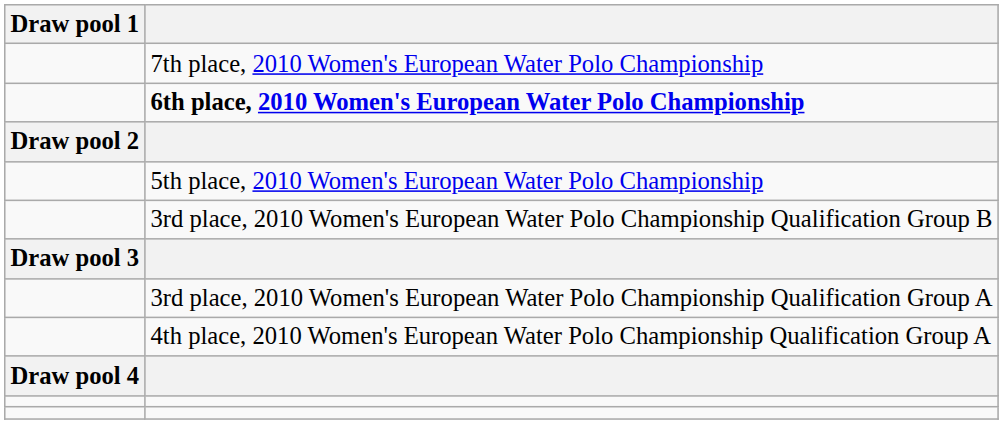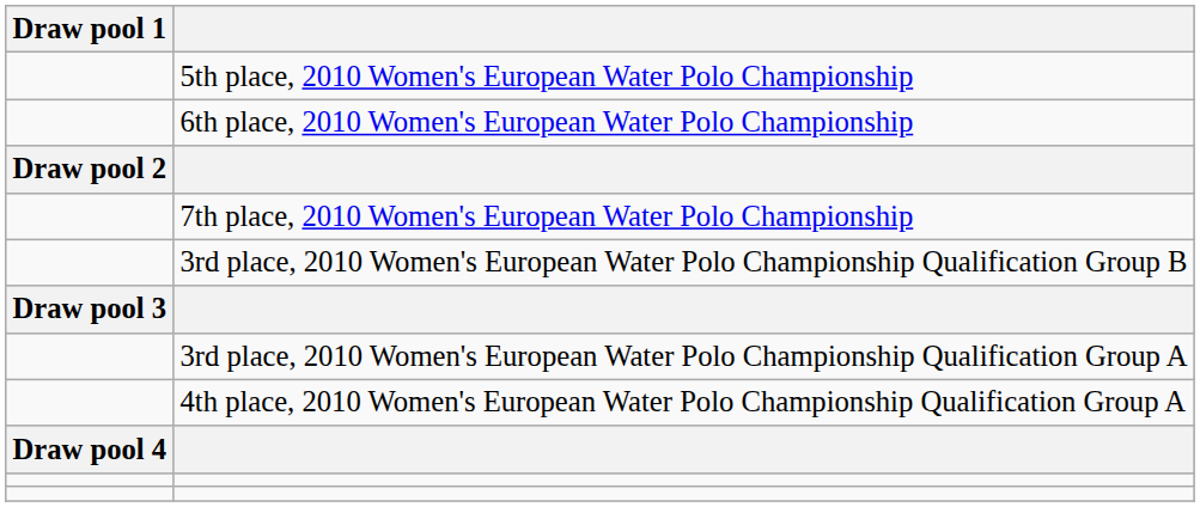 <table class="wikitable">
 <tr>
 <th>Draw pool 1</th>
 <th></th>
 </tr>
 <tr>
 <td></td>
-<td>7th place, <a href='#'>2010 Women's European Water Polo Championship</a></td>
+<td>5th place, <a href='#'>2010 Women's European Water Polo Championship</a></td>
 </tr>
 <tr>
 <td></td>
-<td><strong>6th place, <a href='#'>2010 Women's European Water Polo Championship</a></strong></td>
+<td>6th place, <a href='#'>2010 Women's European Water Polo Championship</a></td>
 </tr>
 <tr>
 <th>Draw pool 2</th>
 <th></th>
 </tr>
 <tr>
 <td></td>
-<td>5th place, <a href='#'>2010 Women's European Water Polo Championship</a></td>
+<td>7th place, <a href='#'>2010 Women's European Water Polo Championship</a></td>
 </tr>
 <tr>
 <td></td>
 <td>3rd place, 2010 Women's European Water Polo Championship Qualification Group B</td>
 </tr>
 <tr>
 <th>Draw pool 3</th>
 <th></th>
 </tr>
 <tr>
 <td></td>
 <td>3rd place, 2010 Women's European Water Polo Championship Qualification Group A</td>
 </tr>
 <tr>
 <td></td>
 <td>4th place, 2010 Women's European Water Polo Championship Qualification Group A</td>
 </tr>
 <tr>
 <th>Draw pool 4</th>
 <th></th>
 </tr>
 <tr>
 <td></td>
 <td></td>
 </tr>
 <tr>
 <td></td>
 <td></td>
 </tr>
 </table>
